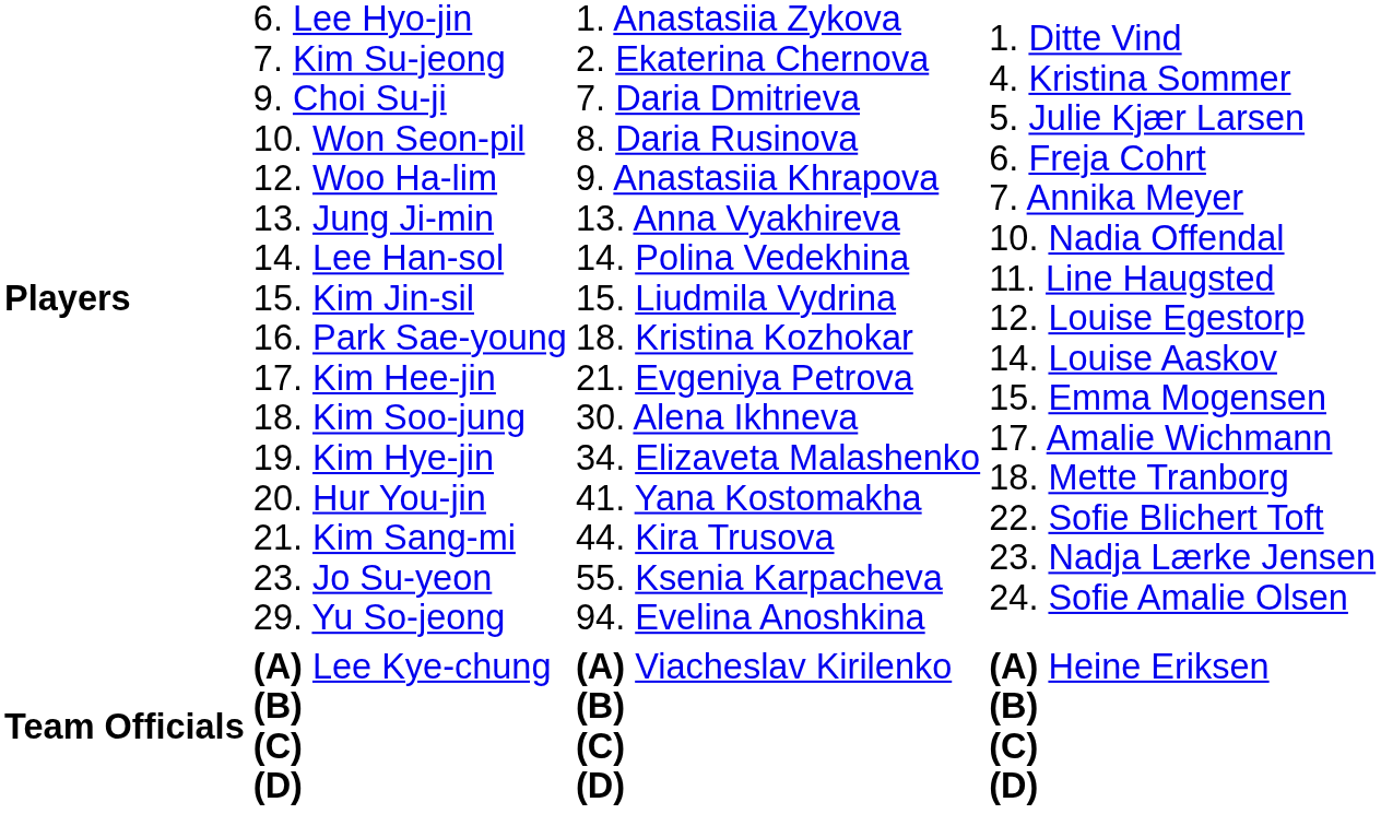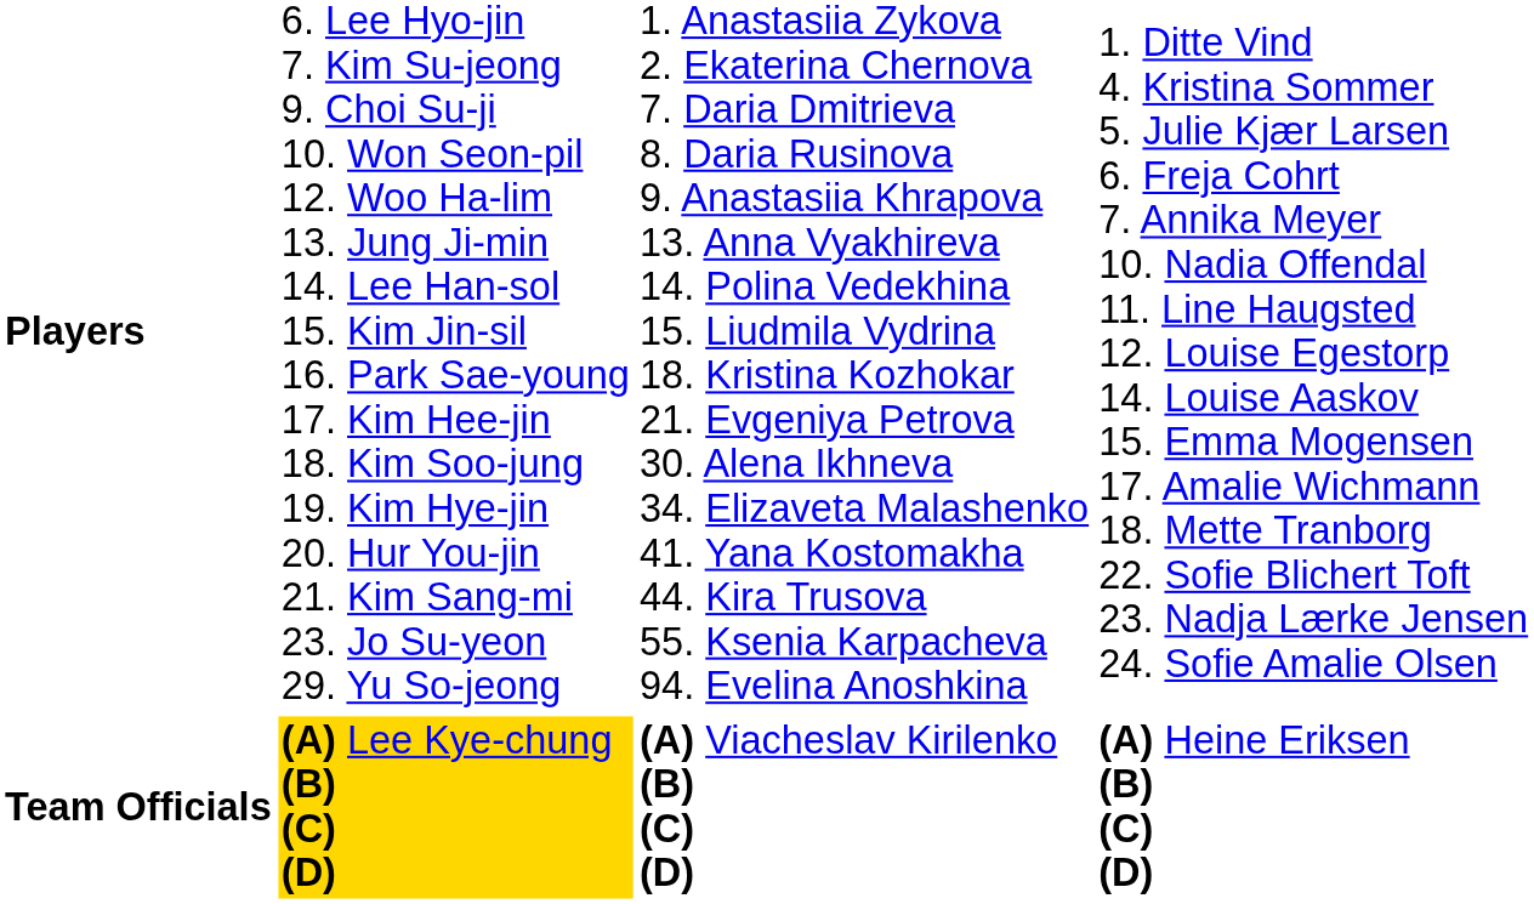 <table>
 <tr>
 <td><strong>Players</strong></td>
 <td><br>6. <a href='#'>Lee Hyo-jin</a> <br> 7. <a href='#'>Kim Su-jeong</a> <br> 9. <a href='#'>Choi Su-ji</a> <br> 10. <a href='#'>Won Seon-pil</a> <br> 12. <a href='#'>Woo Ha-lim</a> <br> 13. <a href='#'>Jung Ji-min</a> <br> 14. <a href='#'>Lee Han-sol</a> <br> 15. <a href='#'>Kim Jin-sil</a> <br> 16. <a href='#'>Park Sae-young</a> <br> 17. <a href='#'>Kim Hee-jin</a> <br> 18. <a href='#'>Kim Soo-jung</a> <br> 19. <a href='#'>Kim Hye-jin</a> <br> 20. <a href='#'>Hur You-jin</a> <br> 21. <a href='#'>Kim Sang-mi</a> <br> 23. <a href='#'>Jo Su-yeon</a> <br> 29. <a href='#'>Yu So-jeong</a></td>
 <td><br>1. <a href='#'>Anastasiia Zykova</a> <br> 2. <a href='#'>Ekaterina Chernova</a> <br> 7. <a href='#'>Daria Dmitrieva</a> <br> 8. <a href='#'>Daria Rusinova</a> <br> 9. <a href='#'>Anastasiia Khrapova</a> <br> 13. <a href='#'>Anna Vyakhireva</a> <br> 14. <a href='#'>Polina Vedekhina</a> <br> 15. <a href='#'>Liudmila Vydrina</a> <br> 18. <a href='#'>Kristina Kozhokar</a> <br> 21. <a href='#'>Evgeniya Petrova</a> <br> 30. <a href='#'>Alena Ikhneva</a> <br> 34. <a href='#'>Elizaveta Malashenko</a> <br> 41. <a href='#'>Yana Kostomakha</a> <br> 44. <a href='#'>Kira Trusova</a> <br> 55. <a href='#'>Ksenia Karpacheva</a> <br> 94. <a href='#'>Evelina Anoshkina</a></td>
 <td><br>1. <a href='#'>Ditte Vind</a> <br> 4. <a href='#'>Kristina Sommer</a> <br> 5. <a href='#'>Julie Kjær Larsen</a> <br> 6. <a href='#'>Freja Cohrt</a> <br> 7. <a href='#'>Annika Meyer</a> <br> 10. <a href='#'>Nadia Offendal</a> <br> 11. <a href='#'>Line Haugsted</a> <br> 12. <a href='#'>Louise Egestorp</a> <br> 14. <a href='#'>Louise Aaskov</a> <br> 15. <a href='#'>Emma Mogensen</a> <br> 17. <a href='#'>Amalie Wichmann</a> <br> 18. <a href='#'>Mette Tranborg</a> <br> 22. <a href='#'>Sofie Blichert Toft</a> <br> 23. <a href='#'>Nadja Lærke Jensen</a> <br> 24. <a href='#'>Sofie Amalie Olsen</a></td>
 </tr>
 <tr>
 <td><strong>Team Officials</strong></td>
-<td><strong>(A)</strong> <a href='#'>Lee Kye-chung</a> <br> <strong>(B)</strong> <br> <strong>(C)</strong> <br> <strong>(D)</strong></td>
+<td style="background: gold;"><strong>(A)</strong> <a href='#'>Lee Kye-chung</a> <br> <strong>(B)</strong> <br> <strong>(C)</strong> <br> <strong>(D)</strong></td>
 <td><strong>(A)</strong> <a href='#'>Viacheslav Kirilenko</a> <br> <strong>(B)</strong> <br> <strong>(C)</strong> <br> <strong>(D)</strong></td>
 <td><strong>(A)</strong> <a href='#'>Heine Eriksen</a> <br> <strong>(B)</strong> <br> <strong>(C)</strong> <br> <strong>(D)</strong></td>
 </tr>
 </table>
